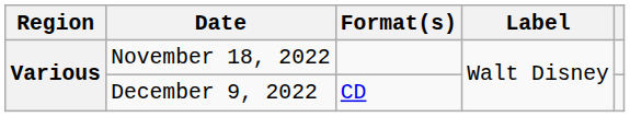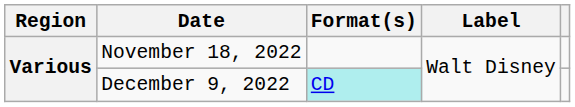 <table class="wikitable plainrowheaders">
 <tr>
 <th scope="col">Region</th>
 <th scope="col">Date</th>
 <th scope="col">Format(s)</th>
 <th scope="col">Label</th>
 <th scope="col"></th>
 </tr>
 <tr>
 <th rowspan="2" scope="row">Various</th>
 <td>November 18, 2022</td>
 <td></td>
 <td rowspan="2">Walt Disney</td>
 <td align="center"></td>
 </tr>
 <tr>
 <td>December 9, 2022</td>
-<td><a href='#'>CD</a></td>
+<td style="background: paleturquoise;"><a href='#'>CD</a></td>
 <td align="center"></td>
 </tr>
 </table>
